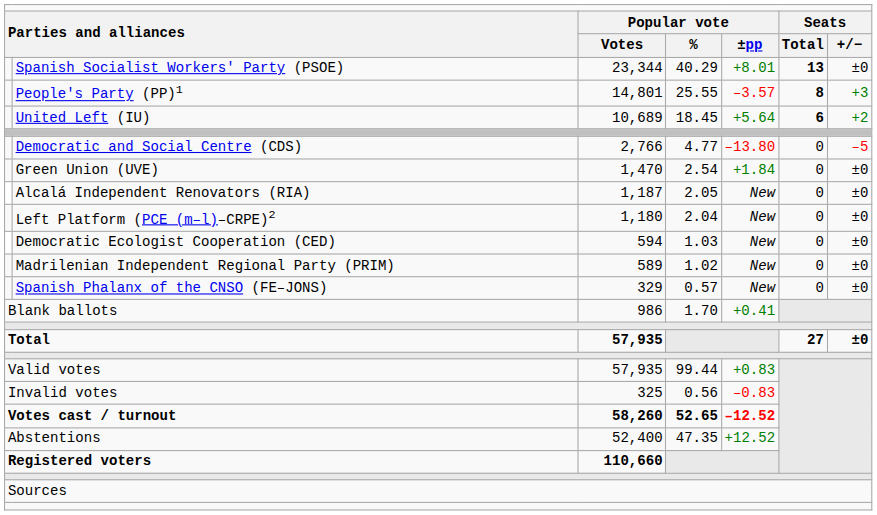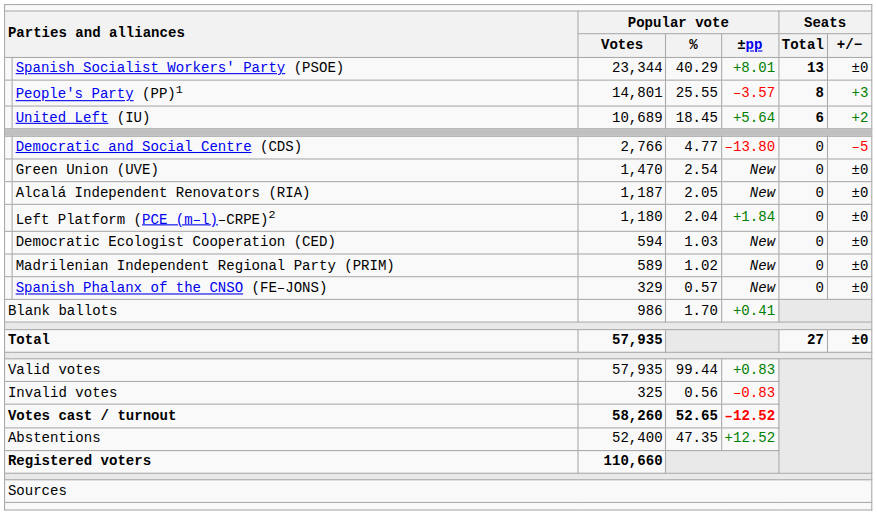 <table class="wikitable" style="text-align:right;">
 <tr>
 <td colspan="7"></td>
 </tr>
 <tr>
 <th style="text-align:left;" rowspan="2" colspan="2" width="525">Parties and alliances</th>
 <th colspan="3">Popular vote</th>
 <th colspan="2">Seats</th>
 </tr>
 <tr>
 <th width="75">Votes</th>
 <th width="45">%</th>
 <th width="45">±<a href='#'>pp</a></th>
 <th width="35">Total</th>
 <th width="35">+/−</th>
 </tr>
 <tr>
 <td width="1" style="color:inherit;background:"></td>
 <td align="left"><a href='#'>Spanish Socialist Workers' Party</a> (PSOE)</td>
 <td>23,344</td>
 <td>40.29</td>
 <td style="color:green;">+8.01</td>
 <td><strong>13</strong></td>
 <td>±0</td>
 </tr>
 <tr>
 <td style="color:inherit;background:"></td>
 <td align="left"><a href='#'>People's Party</a> (PP)<sup>1</sup></td>
 <td>14,801</td>
 <td>25.55</td>
 <td style="color:red;">–3.57</td>
 <td><strong>8</strong></td>
 <td style="color:green;">+3</td>
 </tr>
 <tr>
 <td style="color:inherit;background:"></td>
 <td align="left"><a href='#'>United Left</a> (IU)</td>
 <td>10,689</td>
 <td>18.45</td>
 <td style="color:green;">+5.64</td>
 <td><strong>6</strong></td>
 <td style="color:green;">+2</td>
 </tr>
 <tr>
 <td colspan="7" bgcolor="#C0C0C0"></td>
 </tr>
 <tr>
 <td style="color:inherit;background:"></td>
 <td align="left"><a href='#'>Democratic and Social Centre</a> (CDS)</td>
 <td>2,766</td>
 <td>4.77</td>
 <td style="color:red;">–13.80</td>
 <td>0</td>
 <td style="color:red;">–5</td>
 </tr>
 <tr>
 <td style="color:inherit;background:"></td>
 <td align="left">Green Union (UVE)</td>
 <td>1,470</td>
 <td>2.54</td>
-<td style="color:green;">+1.84</td>
+<td><em>New</em></td>
 <td>0</td>
 <td>±0</td>
 </tr>
 <tr>
 <td bgcolor="white"></td>
 <td align="left">Alcalá Independent Renovators (RIA)</td>
 <td>1,187</td>
 <td>2.05</td>
 <td><em>New</em></td>
 <td>0</td>
 <td>±0</td>
 </tr>
 <tr>
 <td style="color:inherit;background:"></td>
 <td align="left">Left Platform (<a href='#'>PCE (m–l)</a>–CRPE)<sup>2</sup></td>
 <td>1,180</td>
 <td>2.04</td>
-<td><em>New</em></td>
+<td style="color:green;">+1.84</td>
 <td>0</td>
 <td>±0</td>
 </tr>
 <tr>
 <td bgcolor="white"></td>
 <td align="left">Democratic Ecologist Cooperation (CED)</td>
 <td>594</td>
 <td>1.03</td>
 <td><em>New</em></td>
 <td>0</td>
 <td>±0</td>
 </tr>
 <tr>
 <td style="color:inherit;background:"></td>
 <td align="left">Madrilenian Independent Regional Party (PRIM)</td>
 <td>589</td>
 <td>1.02</td>
 <td><em>New</em></td>
 <td>0</td>
 <td>±0</td>
 </tr>
 <tr>
 <td style="color:inherit;background:"></td>
 <td align="left"><a href='#'>Spanish Phalanx of the CNSO</a> (FE–JONS)</td>
 <td>329</td>
 <td>0.57</td>
 <td><em>New</em></td>
 <td>0</td>
 <td>±0</td>
 </tr>
 <tr>
 <td align="left" colspan="2">Blank ballots</td>
 <td>986</td>
 <td>1.70</td>
 <td style="color:green;">+0.41</td>
 <td bgcolor="#E9E9E9" colspan="2"></td>
 </tr>
 <tr>
 <td colspan="7" bgcolor="#E9E9E9"></td>
 </tr>
 <tr style="font-weight:bold;">
 <td align="left" colspan="2">Total</td>
 <td>57,935</td>
 <td bgcolor="#E9E9E9" colspan="2"></td>
 <td>27</td>
 <td>±0</td>
 </tr>
 <tr>
 <td colspan="7" bgcolor="#E9E9E9"></td>
 </tr>
 <tr>
 <td align="left" colspan="2">Valid votes</td>
 <td>57,935</td>
 <td>99.44</td>
 <td style="color:green;">+0.83</td>
 <td bgcolor="#E9E9E9" colspan="2" rowspan="5"></td>
 </tr>
 <tr>
 <td align="left" colspan="2">Invalid votes</td>
 <td>325</td>
 <td>0.56</td>
 <td style="color:red;">–0.83</td>
 </tr>
 <tr style="font-weight:bold;">
 <td align="left" colspan="2">Votes cast / turnout</td>
 <td>58,260</td>
 <td>52.65</td>
 <td style="color:red;">–12.52</td>
 </tr>
 <tr>
 <td align="left" colspan="2">Abstentions</td>
 <td>52,400</td>
 <td>47.35</td>
 <td style="color:green;">+12.52</td>
 </tr>
 <tr style="font-weight:bold;">
 <td align="left" colspan="2">Registered voters</td>
 <td>110,660</td>
 <td bgcolor="#E9E9E9" colspan="2"></td>
 </tr>
 <tr>
 <td colspan="7" bgcolor="#E9E9E9"></td>
 </tr>
 <tr>
 <td align="left" colspan="7">Sources</td>
 </tr>
 <tr>
 <td colspan="7" style="text-align:left; max-width:790px;"></td>
 </tr>
 </table>
